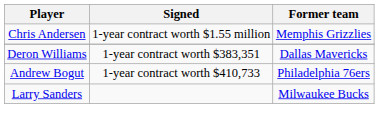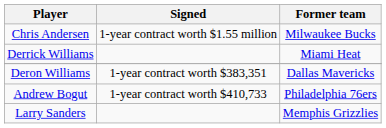 <table class="wikitable sortable sortable" style="text-align: center">
 <tr>
 <th>Player</th>
 <th>Signed</th>
 <th>Former team</th>
 </tr>
 <tr style="text-align: center">
 <td><a href='#'>Chris Andersen</a></td>
 <td>1-year contract worth $1.55 million</td>
-<td><a href='#'>Memphis Grizzlies</a></td>
+<td><a href='#'>Milwaukee Bucks</a></td>
+</tr>
+<tr style="text-align: center">
+<td><a href='#'>Derrick Williams</a></td>
+<td></td>
+<td><a href='#'>Miami Heat</a></td>
 </tr>
 <tr>
 </tr>
 <tr style="text-align: center">
 <td><a href='#'>Deron Williams</a></td>
 <td>1-year contract worth $383,351</td>
 <td><a href='#'>Dallas Mavericks</a></td>
 </tr>
 <tr>
 <td><a href='#'>Andrew Bogut</a></td>
 <td>1-year contract worth $410,733</td>
 <td><a href='#'>Philadelphia 76ers</a></td>
 </tr>
 <tr>
 <td><a href='#'>Larry Sanders</a></td>
 <td></td>
-<td><a href='#'>Milwaukee Bucks</a></td>
+<td><a href='#'>Memphis Grizzlies</a></td>
 </tr>
 </table>
